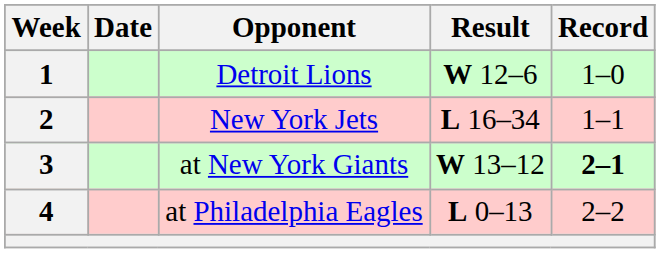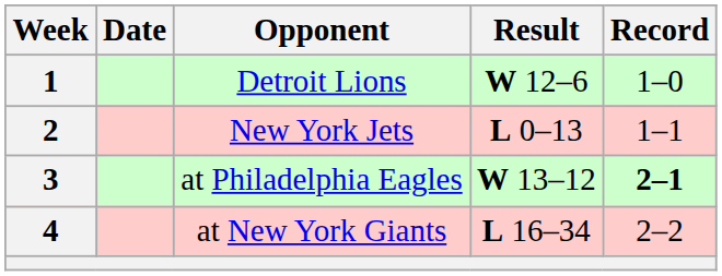 <table class="wikitable" style="text-align:center">
 <tr>
 <th>Week</th>
 <th>Date</th>
 <th>Opponent</th>
 <th>Result</th>
 <th>Record</th>
 </tr>
 <tr style="background:#cfc">
 <th>1</th>
 <td></td>
 <td><a href='#'>Detroit Lions</a></td>
 <td><strong>W</strong> 12–6</td>
 <td>1–0</td>
 </tr>
 <tr style="background:#fcc">
 <th>2</th>
 <td></td>
 <td><a href='#'>New York Jets</a></td>
-<td><strong>L</strong> 16–34</td>
+<td><strong>L</strong> 0–13</td>
 <td>1–1</td>
 </tr>
 <tr style="background:#cfc">
 <th>3</th>
 <td></td>
-<td>at <a href='#'>New York Giants</a></td>
+<td>at <a href='#'>Philadelphia Eagles</a></td>
 <td><strong>W</strong> 13–12</td>
 <td><strong>2–1</strong></td>
 </tr>
 <tr style="background:#fcc">
 <th>4</th>
 <td></td>
-<td>at <a href='#'>Philadelphia Eagles</a></td>
-<td><strong>L</strong> 0–13</td>
+<td>at <a href='#'>New York Giants</a></td>
+<td><strong>L</strong> 16–34</td>
 <td>2–2</td>
 </tr>
 <tr>
 <th colspan="5"></th>
 </tr>
 </table>
